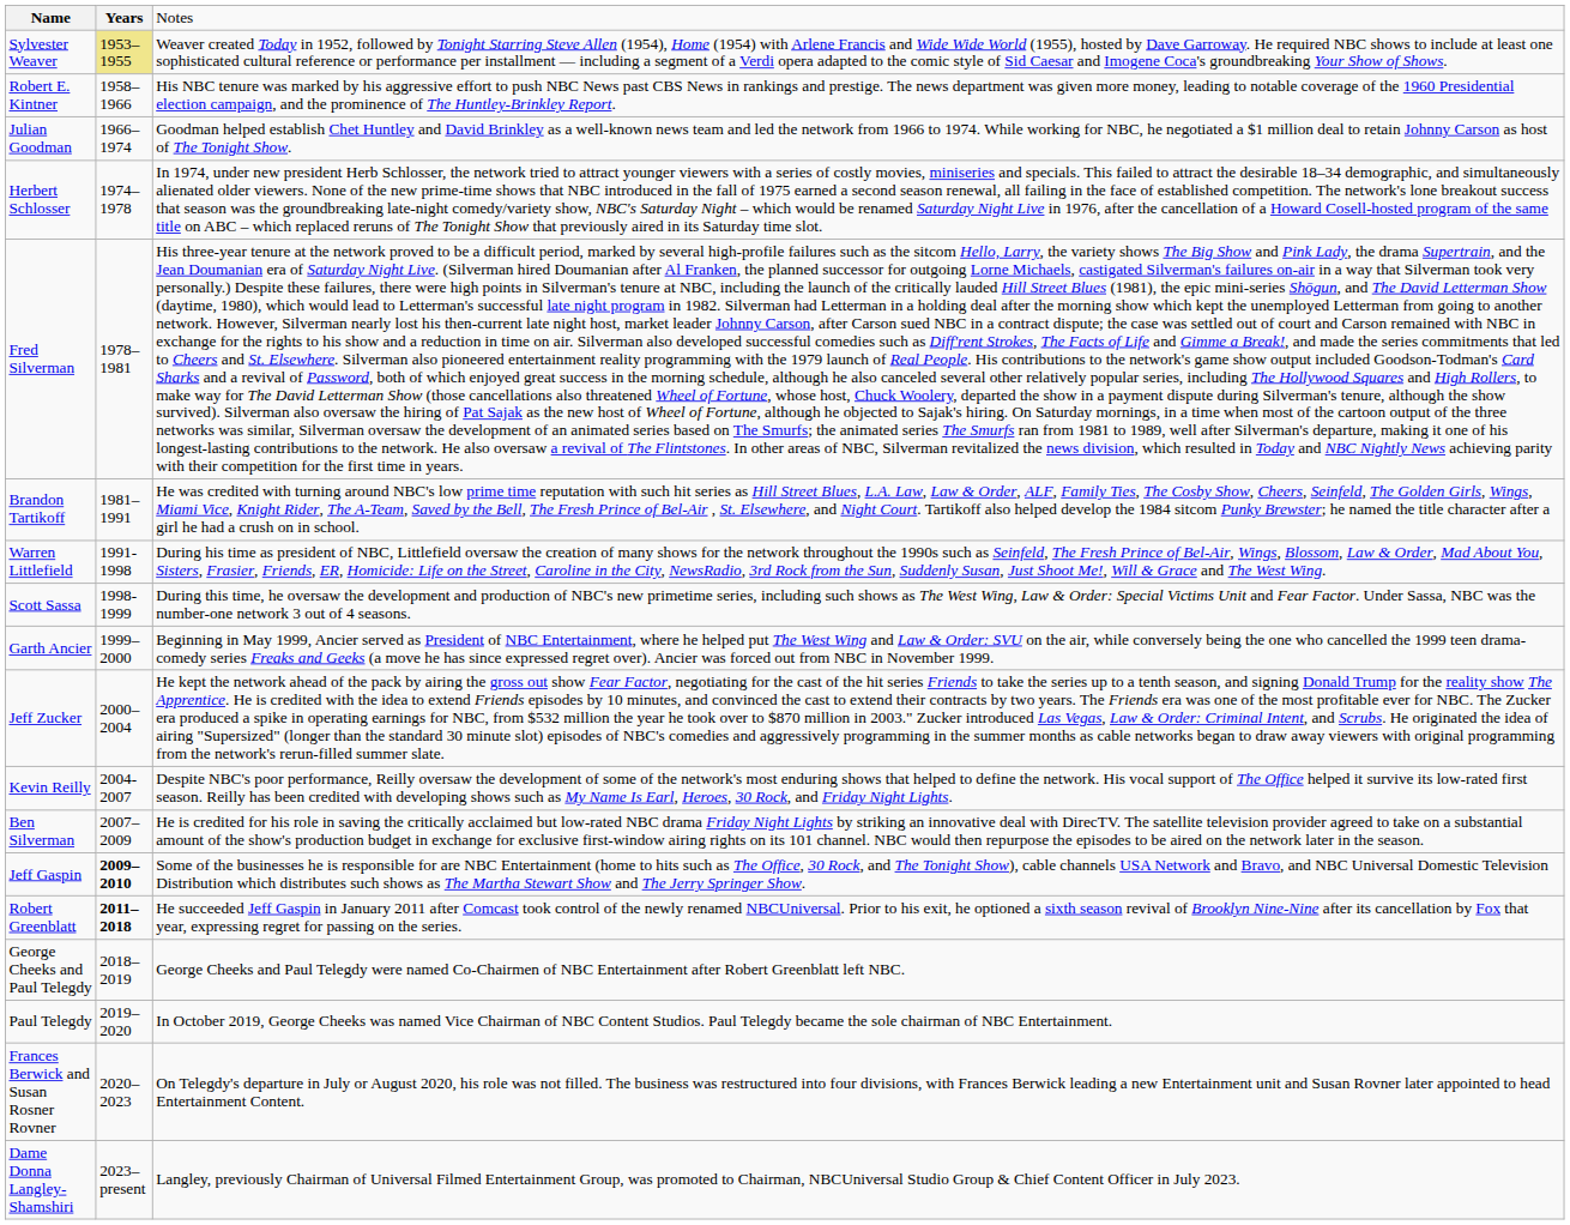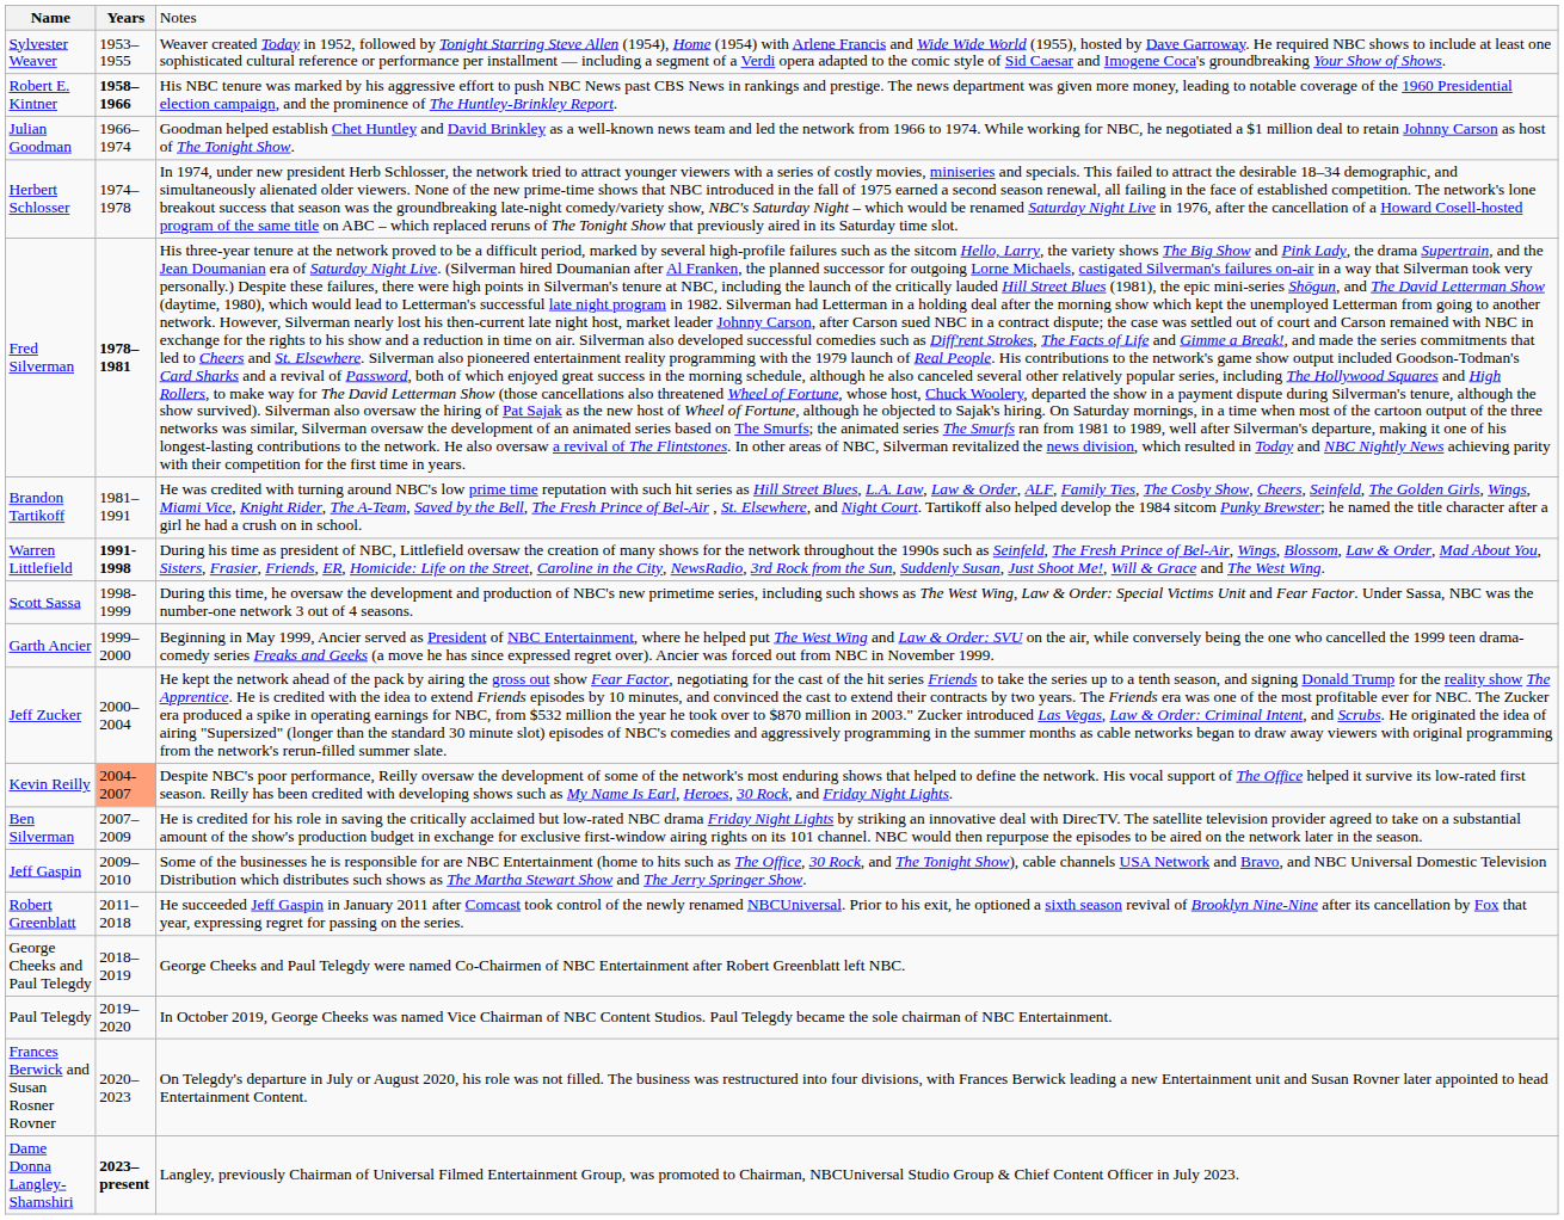 <table class="wikitable">
 <tr>
 <th>Name</th>
 <th>Years</th>
 <td>Notes</td>
 </tr>
 <tr>
 <td><a href='#'>Sylvester Weaver</a></td>
-<td style="background: khaki;">1953–1955</td>
+<td>1953–1955</td>
 <td>Weaver created <em><a href='#'>Today</a></em> in 1952, followed by <em><a href='#'>Tonight Starring Steve Allen</a></em> (1954), <em><a href='#'>Home</a></em> (1954) with <a href='#'>Arlene Francis</a> and <em><a href='#'>Wide Wide World</a></em> (1955), hosted by <a href='#'>Dave Garroway</a>.  He required NBC shows to include at least one sophisticated cultural reference or performance per installment — including a segment of a <a href='#'>Verdi</a> opera adapted to the comic style of <a href='#'>Sid Caesar</a> and <a href='#'>Imogene Coca</a>'s groundbreaking <em><a href='#'>Your Show of Shows</a></em>.</td>
 </tr>
 <tr>
 <td><a href='#'>Robert E. Kintner</a></td>
-<td>1958–1966</td>
+<td><strong>1958–1966</strong></td>
 <td>His NBC tenure was marked by his aggressive effort to push NBC News past CBS News in rankings and prestige. The news department was given more money, leading to notable coverage of the <a href='#'>1960 Presidential election campaign</a>, and the prominence of <em><a href='#'>The Huntley-Brinkley Report</a></em>.</td>
 </tr>
 <tr>
 <td><a href='#'>Julian Goodman</a></td>
 <td>1966–1974</td>
 <td>Goodman helped establish <a href='#'>Chet Huntley</a> and <a href='#'>David Brinkley</a> as a well-known news team and led the network from 1966 to 1974. While working for NBC, he negotiated a $1 million deal to retain <a href='#'>Johnny Carson</a> as host of <em><a href='#'>The Tonight Show</a></em>.</td>
 </tr>
 <tr>
 <td><a href='#'>Herbert Schlosser</a></td>
 <td>1974–1978</td>
 <td>In 1974, under new president Herb Schlosser, the network tried to attract younger viewers with a series of costly movies, <a href='#'>miniseries</a> and specials. This failed to attract the desirable 18–34 demographic, and simultaneously alienated older viewers. None of the new prime-time shows that NBC introduced in the fall of 1975 earned a second season renewal, all failing in the face of established competition. The network's lone breakout success that season was the groundbreaking late-night comedy/variety show, <em>NBC's Saturday Night</em> – which would be renamed <em><a href='#'>Saturday Night Live</a></em> in 1976, after the cancellation of a <a href='#'>Howard Cosell-hosted program of the same title</a> on ABC – which replaced reruns of <em>The Tonight Show</em> that previously aired in its Saturday time slot.</td>
 </tr>
 <tr>
 <td><a href='#'>Fred Silverman</a></td>
-<td>1978–1981</td>
+<td><strong>1978–1981</strong></td>
 <td>His three-year tenure at the network proved to be a difficult period, marked by several high-profile failures such as the sitcom <em><a href='#'>Hello, Larry</a></em>, the variety shows <em><a href='#'>The Big Show</a></em> and <em><a href='#'>Pink Lady</a></em>, the drama <em><a href='#'>Supertrain</a></em>, and the <a href='#'>Jean Doumanian</a> era of <em><a href='#'>Saturday Night Live</a></em>. (Silverman hired Doumanian after <a href='#'>Al Franken</a>, the planned successor for outgoing <a href='#'>Lorne Michaels</a>, <a href='#'>castigated Silverman's failures on-air</a> in a way that Silverman took very personally.) Despite these failures, there were high points in Silverman's tenure at NBC, including the launch of the critically lauded <em><a href='#'>Hill Street Blues</a></em> (1981), the epic mini-series <a href='#'><em>Shōgun</em></a>, and <em><a href='#'>The David Letterman Show</a></em> (daytime, 1980), which would lead to Letterman's successful <a href='#'>late night program</a> in 1982. Silverman had Letterman in a holding deal after the morning show which kept the unemployed Letterman from going to another network. However, Silverman nearly lost his then-current late night host, market leader <a href='#'>Johnny Carson</a>, after Carson sued NBC in a contract dispute; the case was settled out of court and Carson remained with NBC in exchange for the rights to his show and a reduction in time on air. Silverman also developed successful comedies such as <em><a href='#'>Diff'rent Strokes</a></em>, <em><a href='#'>The Facts of Life</a></em> and <em><a href='#'>Gimme a Break!</a></em>, and made the series commitments that led to <em><a href='#'>Cheers</a></em> and <em><a href='#'>St. Elsewhere</a></em>. Silverman also pioneered entertainment reality programming with the 1979 launch of <em><a href='#'>Real People</a></em>. His contributions to the network's game show output included Goodson-Todman's <em><a href='#'>Card Sharks</a></em> and a revival of <em><a href='#'>Password</a></em>, both of which enjoyed great success in the morning schedule, although he also canceled several other relatively popular series, including <em><a href='#'>The Hollywood Squares</a></em> and <em><a href='#'>High Rollers</a></em>, to make way for <em>The David Letterman Show</em> (those cancellations also threatened <em><a href='#'>Wheel of Fortune</a></em>, whose host, <a href='#'>Chuck Woolery</a>, departed the show in a payment dispute during Silverman's tenure, although the show survived). Silverman also oversaw the hiring of <a href='#'>Pat Sajak</a> as the new host of <em>Wheel of Fortune</em>, although he objected to Sajak's hiring. On Saturday mornings, in a time when most of the cartoon output of the three networks was similar, Silverman oversaw the development of an animated series based on <a href='#'>The Smurfs</a>; the animated series <em><a href='#'>The Smurfs</a></em> ran from 1981 to 1989, well after Silverman's departure, making it one of his longest-lasting contributions to the network. He also oversaw <a href='#'>a revival of <em>The Flintstones</em></a>. In other areas of NBC, Silverman revitalized the <a href='#'>news division</a>, which resulted in <em><a href='#'>Today</a></em> and <em><a href='#'>NBC Nightly News</a></em> achieving parity with their competition for the first time in years.</td>
 </tr>
 <tr>
 <td><a href='#'>Brandon Tartikoff</a></td>
 <td>1981–1991</td>
 <td>He was credited with turning around NBC's low <a href='#'>prime time</a> reputation with such hit series as <em><a href='#'>Hill Street Blues</a></em>, <em><a href='#'>L.A. Law</a></em>, <em><a href='#'>Law & Order</a></em>, <em><a href='#'>ALF</a></em>, <em><a href='#'>Family Ties</a></em>, <em><a href='#'>The Cosby Show</a></em>, <em><a href='#'>Cheers</a></em>, <em><a href='#'>Seinfeld</a></em>, <em><a href='#'>The Golden Girls</a></em>, <em><a href='#'>Wings</a></em>, <em><a href='#'>Miami Vice</a></em>, <em><a href='#'>Knight Rider</a></em>, <em><a href='#'>The A-Team</a></em>, <em><a href='#'>Saved by the Bell</a>,</em> <em><a href='#'>The Fresh Prince of Bel-Air</a></em> , <em><a href='#'>St. Elsewhere</a></em>, and <em><a href='#'>Night Court</a></em>. Tartikoff also helped develop the 1984 sitcom <em><a href='#'>Punky Brewster</a></em>; he named the title character after a girl he had a crush on in school.</td>
 </tr>
 <tr>
 <td><a href='#'>Warren Littlefield</a></td>
-<td>1991-1998</td>
+<td><strong>1991-1998</strong></td>
 <td>During his time as president of NBC, Littlefield oversaw the creation of many shows for the network throughout the 1990s such as <em><a href='#'>Seinfeld</a></em>, <em><a href='#'>The Fresh Prince of Bel-Air</a></em>, <em><a href='#'>Wings</a></em>, <em><a href='#'>Blossom</a></em>, <em><a href='#'>Law & Order</a></em>, <em><a href='#'>Mad About You</a></em>, <em><a href='#'>Sisters</a></em>, <em><a href='#'>Frasier</a></em>, <em><a href='#'>Friends</a></em>, <em><a href='#'>ER</a></em>, <em><a href='#'>Homicide: Life on the Street</a></em>, <em><a href='#'>Caroline in the City</a></em>, <em><a href='#'>NewsRadio</a></em>, <em><a href='#'>3rd Rock from the Sun</a></em>, <em><a href='#'>Suddenly Susan</a></em>, <em><a href='#'>Just Shoot Me!</a></em>, <em><a href='#'>Will & Grace</a></em> and <em><a href='#'>The West Wing</a></em>.</td>
 </tr>
 <tr>
 <td><a href='#'>Scott Sassa</a></td>
 <td>1998-1999</td>
 <td>During this time, he oversaw the development and production of NBC's new primetime series, including such shows as <em>The West Wing</em>, <em>Law & Order: Special Victims Unit</em> and <em>Fear Factor</em>. Under Sassa, NBC was the number-one network 3 out of 4 seasons.</td>
 </tr>
 <tr>
 <td><a href='#'>Garth Ancier</a></td>
 <td>1999–2000</td>
 <td>Beginning in May 1999, Ancier served as <a href='#'>President</a> of <a href='#'>NBC Entertainment</a>, where he helped put <em><a href='#'>The West Wing</a></em> and <em><a href='#'>Law & Order: SVU</a></em> on the air, while conversely being the one who cancelled the 1999 teen drama-comedy series <em><a href='#'>Freaks and Geeks</a></em> (a move he has since expressed regret over). Ancier was forced out from NBC in November 1999.</td>
 </tr>
 <tr>
 <td><a href='#'>Jeff Zucker</a></td>
 <td>2000–2004</td>
 <td>He kept the network ahead of the pack by airing the <a href='#'>gross out</a> show <em><a href='#'>Fear Factor</a></em>, negotiating for the cast of the hit series <em><a href='#'>Friends</a></em> to take the series up to a tenth season, and signing <a href='#'>Donald Trump</a> for the <a href='#'>reality show</a> <em><a href='#'>The Apprentice</a></em>. He is credited with the idea to extend <em>Friends</em> episodes by 10 minutes, and convinced the cast to extend their contracts by two years. The <em>Friends</em> era was one of the most profitable ever for NBC. The Zucker era produced a spike in operating earnings for NBC, from $532 million the year he took over to $870 million in 2003." Zucker introduced <em><a href='#'>Las Vegas</a></em>, <em><a href='#'>Law & Order: Criminal Intent</a></em>, and <em><a href='#'>Scrubs</a></em>. He originated the idea of airing "Supersized" (longer than the standard 30 minute slot) episodes of NBC's comedies and aggressively programming in the summer months as cable networks began to draw away viewers with original programming from the network's rerun-filled summer slate.</td>
 </tr>
 <tr>
 <td><a href='#'>Kevin Reilly</a></td>
-<td>2004-2007</td>
+<td style="background: lightsalmon;">2004-2007</td>
 <td>Despite NBC's poor performance, Reilly oversaw the development of some of the network's most enduring shows that helped to define the network. His vocal support of <em><a href='#'>The Office</a></em> helped it survive its low-rated first season. Reilly has been credited with developing shows such as <em><a href='#'>My Name Is Earl</a></em>, <em><a href='#'>Heroes</a></em>, <em><a href='#'>30 Rock</a></em>, and <em><a href='#'>Friday Night Lights</a></em>.</td>
 </tr>
 <tr>
 <td><a href='#'>Ben Silverman</a></td>
 <td>2007–2009</td>
 <td>He is credited for his role in saving the critically acclaimed but low-rated NBC drama <em><a href='#'>Friday Night Lights</a></em> by striking an innovative deal with DirecTV. The satellite television provider agreed to take on a substantial amount of the show's production budget in exchange for exclusive first-window airing rights on its 101 channel. NBC would then repurpose the episodes to be aired on the network later in the season.</td>
 </tr>
 <tr>
 <td><a href='#'>Jeff Gaspin</a></td>
-<td><strong>2009–2010</strong></td>
+<td>2009–2010</td>
 <td>Some of the businesses he is responsible for are NBC Entertainment (home to hits such as <em><a href='#'>The Office</a></em>, <em><a href='#'>30 Rock</a></em>, and <em><a href='#'>The Tonight Show</a></em>), cable channels <a href='#'>USA Network</a> and <a href='#'>Bravo</a>, and NBC Universal Domestic Television Distribution which distributes such shows as <em><a href='#'>The Martha Stewart Show</a></em> and <em><a href='#'>The Jerry Springer Show</a></em>.</td>
 </tr>
 <tr>
 <td><a href='#'>Robert Greenblatt</a></td>
-<td><strong>2011–2018</strong></td>
+<td>2011–2018</td>
 <td>He succeeded <a href='#'>Jeff Gaspin</a> in January 2011 after <a href='#'>Comcast</a> took control of the newly renamed <a href='#'>NBCUniversal</a>. Prior to his exit, he optioned a <a href='#'>sixth season</a> revival of <em><a href='#'>Brooklyn Nine-Nine</a></em> after its cancellation by <a href='#'>Fox</a> that year, expressing regret for passing on the series.</td>
 </tr>
 <tr>
 <td>George Cheeks and Paul Telegdy</td>
 <td>2018–2019</td>
 <td>George Cheeks and Paul Telegdy were named Co-Chairmen of NBC Entertainment after Robert Greenblatt left NBC.</td>
 </tr>
 <tr>
 <td>Paul Telegdy</td>
 <td>2019–2020</td>
 <td>In October 2019, George Cheeks was named Vice Chairman of NBC Content Studios. Paul Telegdy became the sole chairman of NBC Entertainment.</td>
 </tr>
 <tr>
 <td><a href='#'>Frances Berwick</a> and Susan Rosner Rovner</td>
 <td>2020–2023</td>
 <td>On Telegdy's departure in July or August 2020, his role was not filled. The business was restructured into four divisions, with Frances Berwick leading a new Entertainment unit and Susan Rovner later appointed to head Entertainment Content.</td>
 </tr>
 <tr>
 <td><a href='#'>Dame Donna Langley-Shamshiri</a></td>
-<td>2023–present</td>
+<td><strong>2023–present</strong></td>
 <td>Langley, previously Chairman of Universal Filmed Entertainment Group, was promoted to Chairman, NBCUniversal Studio Group & Chief Content Officer in July 2023.</td>
 </tr>
 </table>
